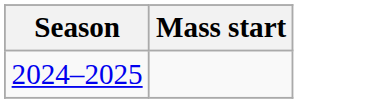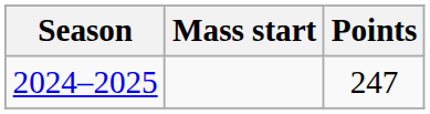 <table class="wikitable" style="display: inline-table;">
 <tr>
 <th>Season</th>
 <th>Mass start</th>
+<th>Points</th>
 </tr>
 <tr style="text-align:center">
 <td><a href='#'>2024–2025</a></td>
 <td></td>
+<td>247</td>
 </tr>
 </table>
